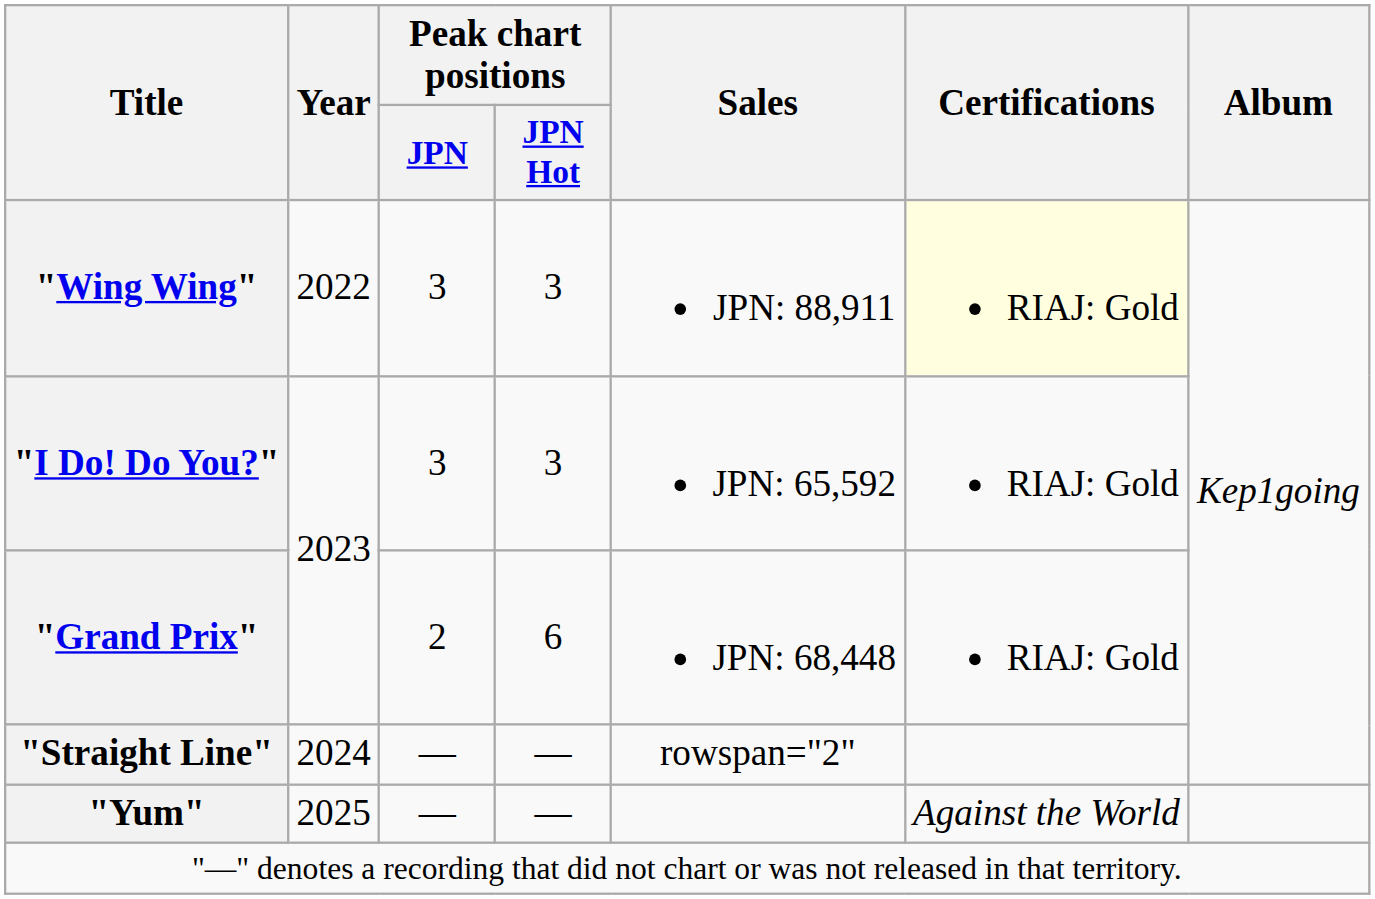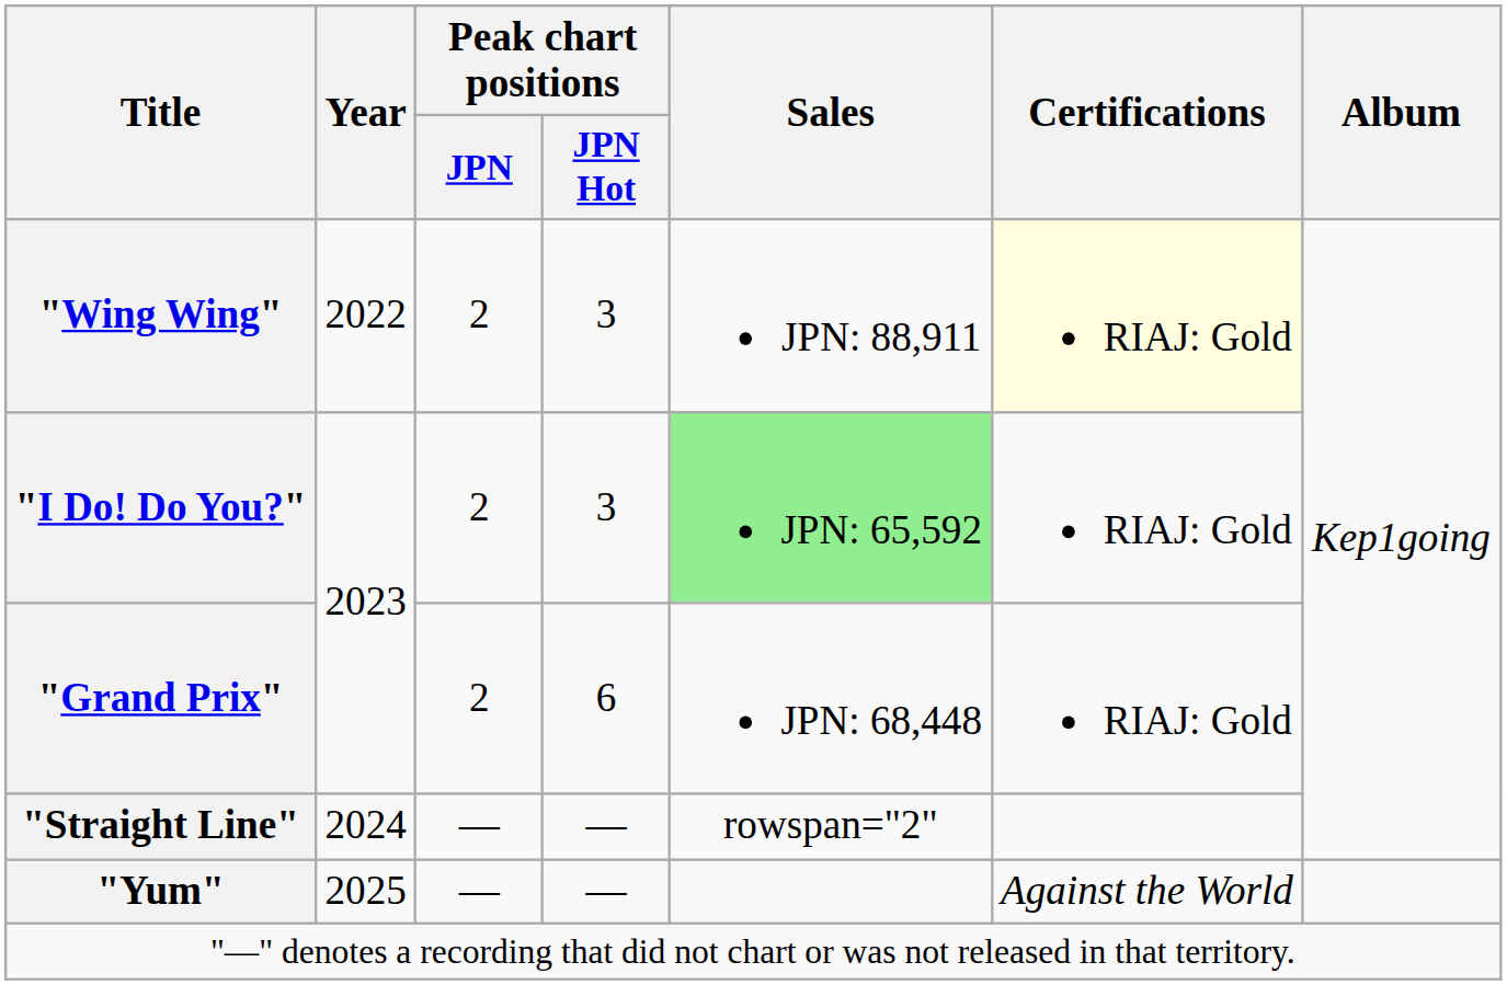 <table class="wikitable plainrowheaders" style="text-align:center">
 <tr>
 <th scope="col" rowspan="2">Title</th>
 <th scope="col" rowspan="2">Year</th>
 <th colspan="2" scope="col">Peak chart positions</th>
 <th scope="col" rowspan="2">Sales</th>
 <th scope="col" rowspan="2">Certifications</th>
 <th scope="col" rowspan="2">Album</th>
 </tr>
 <tr>
 <th scope="col" style="font-size:90%; width:3em"><a href='#'>JPN</a><br></th>
 <th scope="col" style="font-size:90%; width:3em"><a href='#'>JPN<br>Hot</a><br></th>
 </tr>
 <tr>
 <th scope="row">"<a href='#'>Wing Wing</a>"</th>
 <td>2022</td>
-<td>3</td>
+<td>2</td>
 <td>3</td>
 <td><br><ul><li>JPN: 88,911</li></ul></td>
 <td style="background: lightyellow;"><br><ul><li>RIAJ: Gold </li></ul></td>
 <td rowspan="4"><em>Kep1going</em></td>
 </tr>
 <tr>
 <th scope="row">"<a href='#'>I Do! Do You?</a>"</th>
 <td rowspan="2">2023</td>
+<td>2</td>
 <td>3</td>
-<td>3</td>
-<td><br><ul><li>JPN: 65,592 </li></ul></td>
+<td style="background: lightgreen;"><br><ul><li>JPN: 65,592 </li></ul></td>
 <td><br><ul><li>RIAJ: Gold </li></ul></td>
 </tr>
 <tr>
 <th scope="row">"<a href='#'>Grand Prix</a>"</th>
 <td>2</td>
 <td>6</td>
 <td><br><ul><li>JPN: 68,448 </li></ul></td>
 <td><br><ul><li>RIAJ: Gold </li></ul></td>
 </tr>
 <tr>
 <th scope="row">"Straight Line"</th>
 <td>2024</td>
 <td>—</td>
 <td>—</td>
 <td>rowspan="2" </td>
 <td></td>
 </tr>
 <tr>
 <th scope="row">"Yum"</th>
 <td>2025</td>
 <td>—</td>
 <td>—</td>
 <td></td>
 <td><em>Against the World</em></td>
 </tr>
 <tr>
 <td colspan="7" style="font-size:85%">"—" denotes a recording that did not chart or was not released in that territory.</td>
 </tr>
 </table>
